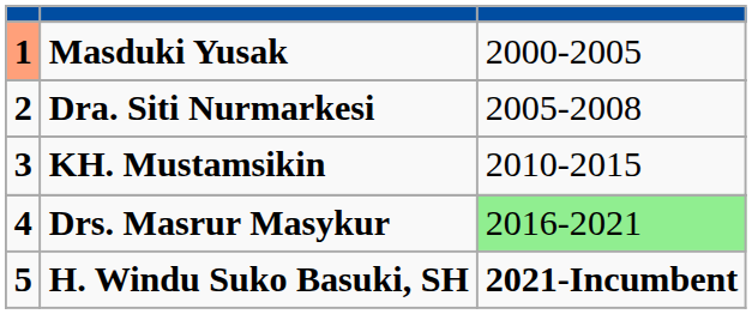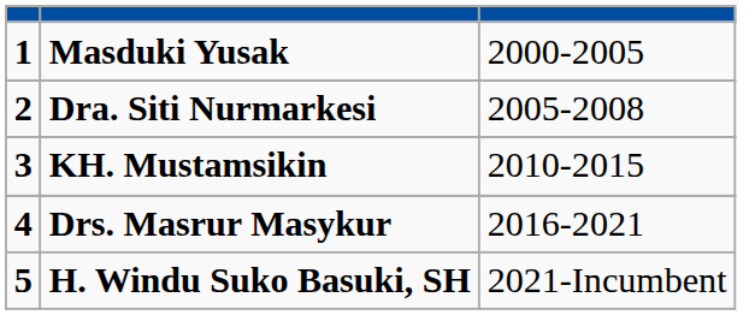 <table class="wikitable">
 <tr>
 <td bgcolor=#004DA1 rowspan=1></td>
 <td bgcolor=#004DA1 rowspan=1></td>
 <td bgcolor=#004DA1 rowspan=1></td>
 </tr>
 <tr>
 </tr>
 <tr>
-<td style="background: lightsalmon;"><strong>1</strong></td>
+<td><strong>1</strong></td>
 <td><strong>Masduki Yusak</strong></td>
 <td>2000-2005</td>
 </tr>
 <tr>
 </tr>
 <tr>
 <td><strong>2</strong></td>
 <td><strong>Dra. Siti Nurmarkesi</strong></td>
 <td>2005-2008</td>
 </tr>
 <tr>
 </tr>
 <tr>
 <td><strong>3</strong></td>
 <td><strong>KH. Mustamsikin</strong></td>
 <td>2010-2015</td>
 </tr>
 <tr>
 </tr>
 <tr>
 <td><strong>4</strong></td>
 <td><strong>Drs. Masrur Masykur</strong></td>
-<td style="background: lightgreen;">2016-2021</td>
+<td>2016-2021</td>
 </tr>
 <tr>
 <td><strong>5</strong></td>
 <td><strong>H. Windu Suko Basuki, SH</strong></td>
-<td><strong>2021-Incumbent</strong></td>
+<td>2021-Incumbent</td>
 </tr>
 </table>
